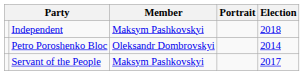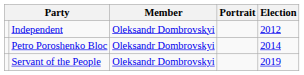 <table class="wikitable">
 <tr>
 <th colspan="2">Party</th>
 <th>Member</th>
 <th>Portrait</th>
 <th>Election</th>
 </tr>
 <tr>
 <td style="background-color: "></td>
 <td><a href='#'>Independent</a></td>
-<td><a href='#'>Maksym Pashkovskyi</a></td>
+<td><a href='#'>Oleksandr Dombrovskyi</a></td>
 <td></td>
-<td><a href='#'>2018</a></td>
+<td><a href='#'>2012</a></td>
 </tr>
 <tr>
 <td style="background-color: "></td>
 <td><a href='#'>Petro Poroshenko Bloc</a></td>
 <td><a href='#'>Oleksandr Dombrovskyi</a></td>
 <td></td>
 <td><a href='#'>2014</a></td>
 </tr>
 <tr>
 <td style="background-color: "></td>
 <td><a href='#'>Servant of the People</a></td>
-<td><a href='#'>Maksym Pashkovskyi</a></td>
+<td><a href='#'>Oleksandr Dombrovskyi</a></td>
 <td></td>
-<td><a href='#'>2017</a></td>
+<td><a href='#'>2019</a></td>
 </tr>
 </table>
